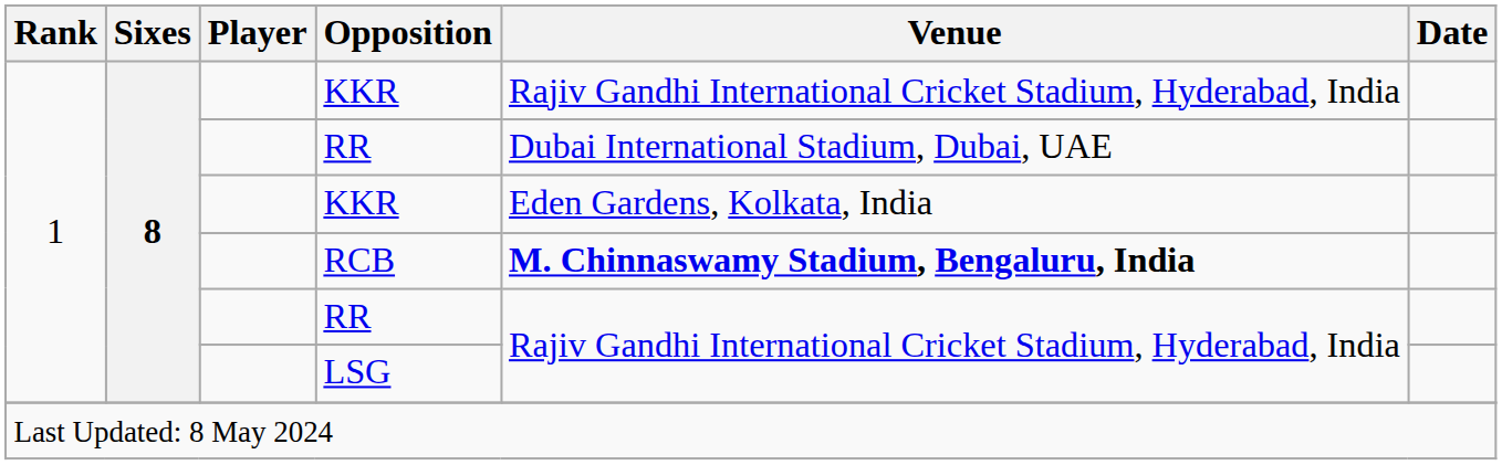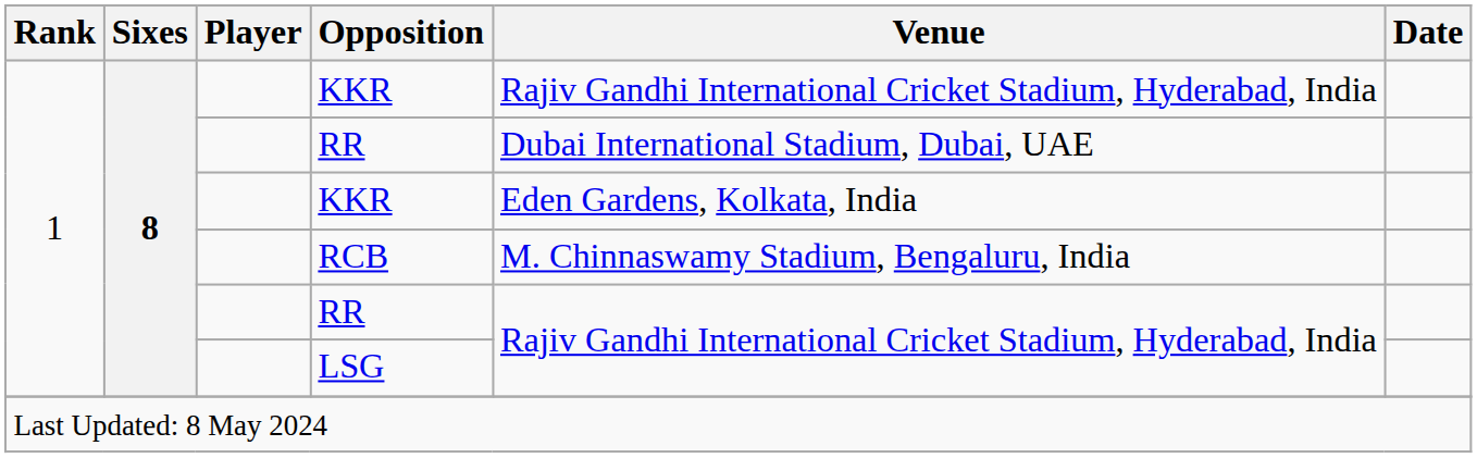 <table class="wikitable">
 <tr>
 <th style="text-align:center;">Rank</th>
 <th style="text-align:center;">Sixes</th>
 <th style="text-align:center;">Player</th>
 <th style="text-align:center;">Opposition</th>
 <th style="text-align:center;">Venue</th>
 <th style="text-align:center;">Date</th>
 </tr>
 <tr>
 <td align=center rowspan=6>1</td>
 <th scope=row style=text-align:center; rowspan=6>8</th>
 <td></td>
 <td><a href='#'>KKR</a></td>
 <td><a href='#'>Rajiv Gandhi International Cricket Stadium</a>, <a href='#'>Hyderabad</a>, India</td>
 <td></td>
 </tr>
 <tr>
 <td></td>
 <td><a href='#'>RR</a></td>
 <td><a href='#'>Dubai International Stadium</a>, <a href='#'>Dubai</a>, UAE</td>
 <td></td>
 </tr>
 <tr>
 <td></td>
 <td><a href='#'>KKR</a></td>
 <td><a href='#'>Eden Gardens</a>, <a href='#'>Kolkata</a>, India</td>
 <td></td>
 </tr>
 <tr>
 <td></td>
 <td><a href='#'>RCB</a></td>
-<td><strong><a href='#'>M. Chinnaswamy Stadium</a>, <a href='#'>Bengaluru</a>, India</strong></td>
+<td><a href='#'>M. Chinnaswamy Stadium</a>, <a href='#'>Bengaluru</a>, India</td>
 <td></td>
 </tr>
 <tr>
 <td></td>
 <td><a href='#'>RR</a></td>
 <td rowspan=2><a href='#'>Rajiv Gandhi International Cricket Stadium</a>, <a href='#'>Hyderabad</a>, India</td>
 <td></td>
 </tr>
 <tr>
 <td></td>
 <td><a href='#'>LSG</a></td>
 <td></td>
 </tr>
 <tr>
 </tr>
 <tr class=sortbottom>
 <td colspan=6><small>Last Updated: 8 May 2024</small></td>
 </tr>
 </table>
